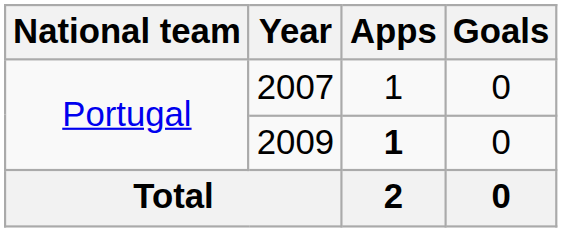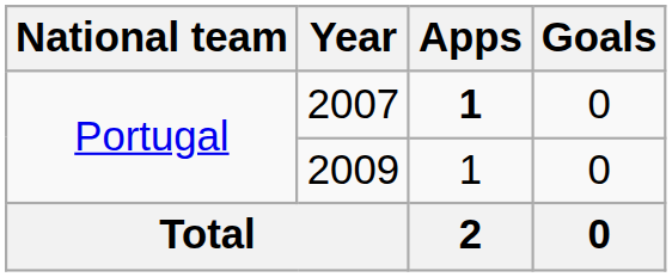 <table class="wikitable" style="text-align:center">
 <tr>
 <th>National team</th>
 <th>Year</th>
 <th>Apps</th>
 <th>Goals</th>
 </tr>
 <tr>
 <td rowspan="2"><a href='#'>Portugal</a></td>
 <td>2007</td>
-<td>1</td>
+<td><strong>1</strong></td>
 <td>0</td>
 </tr>
 <tr>
 <td>2009</td>
-<td><strong>1</strong></td>
+<td>1</td>
 <td>0</td>
 </tr>
 <tr>
 <th colspan="2">Total</th>
 <th>2</th>
 <th>0</th>
 </tr>
 </table>
